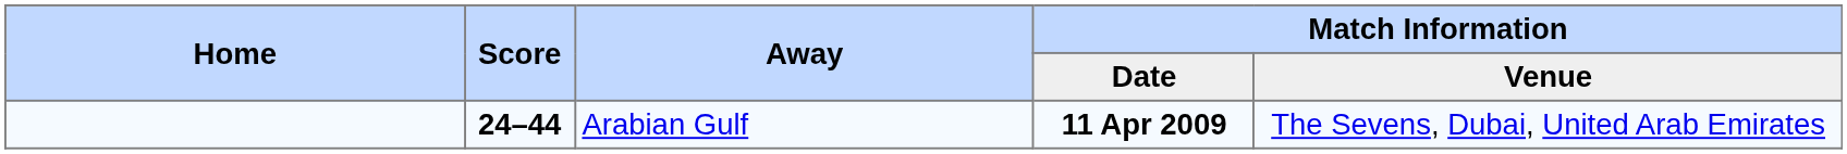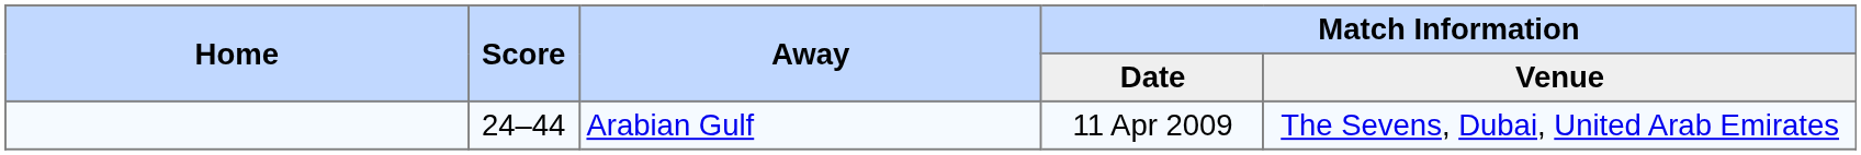 <table border=1 style="border-collapse:collapse; font-size:90%; text-align:center;" cellpadding=3 cellspacing=0 width=100%>
 <tr bgcolor=#C1D8FF>
 <th rowspan=2 width=25%>Home</th>
 <th rowspan=2 width=6%>Score</th>
 <th rowspan=2 width=25%>Away</th>
 <th colspan=6>Match Information</th>
 </tr>
 <tr bgcolor=#EFEFEF>
 <th width=12%>Date</th>
 <th width=32%>Venue</th>
 </tr>
 <tr bgcolor=#F5FAFF>
 <td align=right></td>
-<td><strong>24–44</strong></td>
+<td>24–44</td>
 <td align=left><a href='#'>Arabian Gulf</a></td>
-<td><strong>11 Apr 2009</strong></td>
+<td>11 Apr 2009</td>
 <td><a href='#'>The Sevens</a>, <a href='#'>Dubai</a>, <a href='#'>United Arab Emirates</a></td>
 </tr>
 </table>
